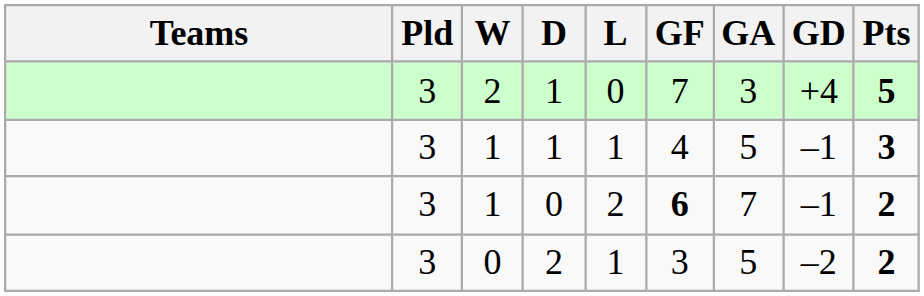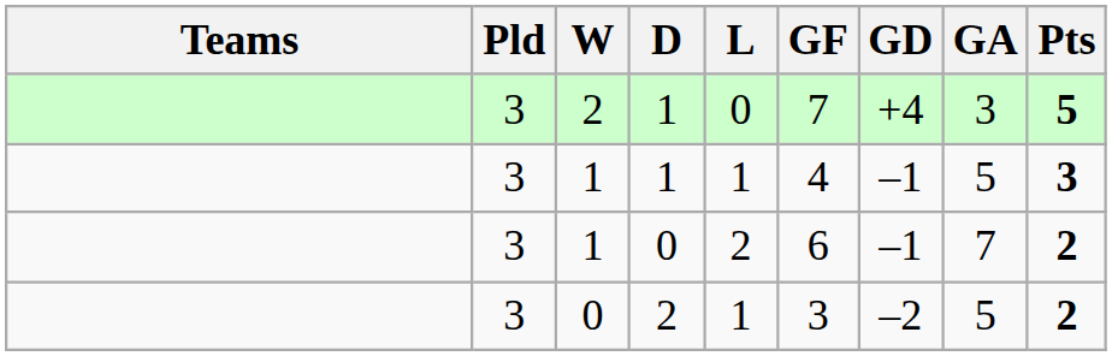 <table class="wikitable" style="text-align: center;">
 <tr>
 <th width=165>Teams</th>
 <th width=20>Pld</th>
 <th width=20>W</th>
 <th width=20>D</th>
 <th width=20>L</th>
 <th width=20>GF</th>
+<th width=20>GD</th>
 <th width=20>GA</th>
-<th width=20>GD</th>
 <th width=20>Pts</th>
 </tr>
 <tr align=center style="background:#ccffcc;">
 <td style="text-align:left;"></td>
 <td>3</td>
 <td>2</td>
 <td>1</td>
 <td>0</td>
 <td>7</td>
+<td>+4</td>
 <td>3</td>
-<td>+4</td>
 <td><strong>5</strong></td>
 </tr>
 <tr align=center>
 <td style="text-align:left;"></td>
 <td>3</td>
 <td>1</td>
 <td>1</td>
 <td>1</td>
 <td>4</td>
+<td>–1</td>
 <td>5</td>
-<td>–1</td>
 <td><strong>3</strong></td>
 </tr>
 <tr align=center>
 <td style="text-align:left;"></td>
 <td>3</td>
 <td>1</td>
 <td>0</td>
 <td>2</td>
-<td><strong>6</strong></td>
+<td>6</td>
+<td>–1</td>
 <td>7</td>
-<td>–1</td>
 <td><strong>2</strong></td>
 </tr>
 <tr align=center>
 <td style="text-align:left;"></td>
 <td>3</td>
 <td>0</td>
 <td>2</td>
 <td>1</td>
 <td>3</td>
+<td>–2</td>
 <td>5</td>
-<td>–2</td>
 <td><strong>2</strong></td>
 </tr>
 </table>
